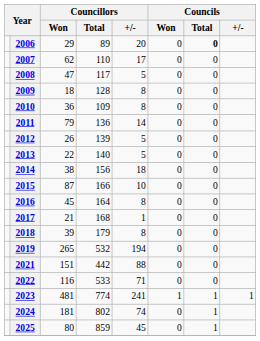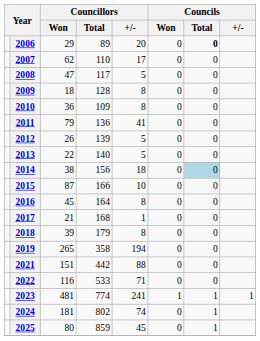 <table class="wikitable" style="text-align:right; font-size:95%;">
 <tr>
 <th colspan="2" rowspan="2" style="width:50px;">Year</th>
 <th colspan="3">Councillors</th>
 <th colspan="3">Councils</th>
 </tr>
 <tr>
 <th style="width:50px;">Won</th>
 <th style="width:50px;">Total</th>
 <th style="width:50px;">+/-</th>
 <th style="width:50px;">Won</th>
 <th style="width:50px;">Total</th>
 <th style="width:50px;">+/-</th>
 </tr>
 <tr>
 <td></td>
 <th><a href='#'>2006</a></th>
 <td>29</td>
 <td>89</td>
 <td>20</td>
 <td>0</td>
 <td><strong>0</strong></td>
 <td></td>
 </tr>
 <tr>
 <td></td>
 <th><a href='#'>2007</a></th>
 <td>62</td>
 <td>110</td>
 <td>17</td>
 <td>0</td>
 <td>0</td>
 <td></td>
 </tr>
 <tr>
 <td></td>
 <th><a href='#'>2008</a></th>
 <td>47</td>
 <td>117</td>
 <td>5</td>
 <td>0</td>
 <td>0</td>
 <td></td>
 </tr>
 <tr>
 <td></td>
 <th><a href='#'>2009</a></th>
 <td>18</td>
 <td>128</td>
 <td>8</td>
 <td>0</td>
 <td>0</td>
 <td></td>
 </tr>
 <tr>
 <td></td>
 <th><a href='#'>2010</a></th>
 <td>36</td>
 <td>109</td>
 <td>8</td>
 <td>0</td>
 <td>0</td>
 <td></td>
 </tr>
 <tr>
 <td></td>
 <th><a href='#'>2011</a></th>
 <td>79</td>
 <td>136</td>
-<td>14</td>
+<td>41</td>
 <td>0</td>
 <td>0</td>
 <td></td>
 </tr>
 <tr>
 <td></td>
 <th><a href='#'>2012</a></th>
 <td>26</td>
 <td>139</td>
 <td>5</td>
 <td>0</td>
 <td>0</td>
 <td></td>
 </tr>
 <tr>
 <td></td>
 <th><a href='#'>2013</a></th>
 <td>22</td>
 <td>140</td>
 <td>5</td>
 <td>0</td>
 <td>0</td>
 <td></td>
 </tr>
 <tr>
 <td></td>
 <th><a href='#'>2014</a></th>
 <td>38</td>
 <td>156</td>
 <td>18</td>
 <td>0</td>
-<td>0</td>
+<td style="background: lightblue;">0</td>
 <td></td>
 </tr>
 <tr>
 <td></td>
 <th><a href='#'>2015</a></th>
 <td>87</td>
 <td>166</td>
 <td>10</td>
 <td>0</td>
 <td>0</td>
 <td></td>
 </tr>
 <tr>
 <td></td>
 <th><a href='#'>2016</a></th>
 <td>45</td>
 <td>164</td>
 <td>8</td>
 <td>0</td>
 <td>0</td>
 <td></td>
 </tr>
 <tr>
 <td></td>
 <th><a href='#'>2017</a></th>
 <td>21</td>
 <td>168</td>
 <td>1</td>
 <td>0</td>
 <td>0</td>
 <td></td>
 </tr>
 <tr>
 <td></td>
 <th><a href='#'>2018</a></th>
 <td>39</td>
 <td>179</td>
 <td>8</td>
 <td>0</td>
 <td>0</td>
 <td></td>
 </tr>
 <tr>
 <td></td>
 <th><a href='#'>2019</a></th>
 <td>265</td>
-<td>532</td>
+<td>358</td>
 <td>194</td>
 <td>0</td>
 <td>0</td>
 <td></td>
 </tr>
 <tr>
 <td></td>
 <th><a href='#'>2021</a></th>
 <td>151</td>
 <td>442</td>
 <td>88</td>
 <td>0</td>
 <td>0</td>
 <td></td>
 </tr>
 <tr>
 <td></td>
 <th><a href='#'>2022</a></th>
 <td>116</td>
 <td>533</td>
 <td>71</td>
 <td>0</td>
 <td>0</td>
 <td></td>
 </tr>
 <tr>
 <td></td>
 <th><a href='#'>2023</a></th>
 <td>481</td>
 <td>774</td>
 <td>241</td>
 <td>1</td>
 <td>1</td>
 <td>1</td>
 </tr>
 <tr>
 <td></td>
 <th><a href='#'>2024</a></th>
 <td>181</td>
 <td>802</td>
 <td>74</td>
 <td>0</td>
 <td>1</td>
 <td></td>
 </tr>
 <tr>
 <td></td>
 <th><a href='#'>2025</a></th>
 <td>80</td>
 <td>859</td>
 <td>45</td>
 <td>0</td>
 <td>1</td>
 <td></td>
 </tr>
 <tr>
 </tr>
 </table>
